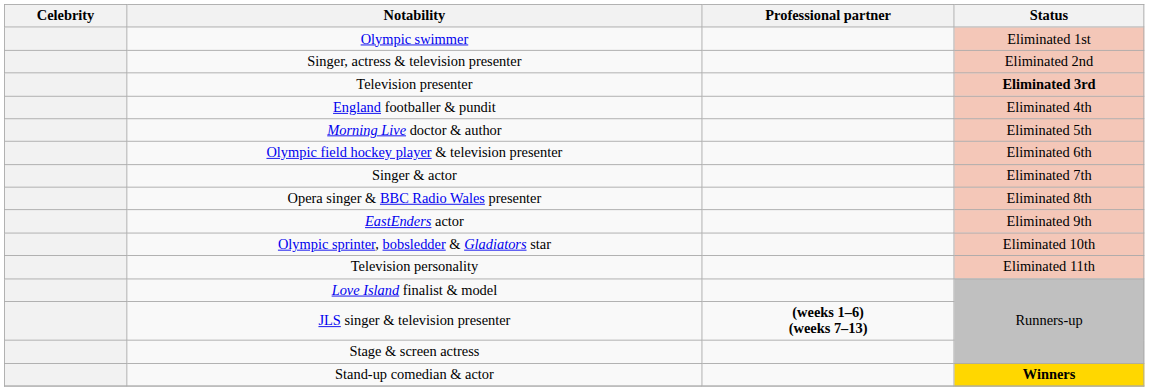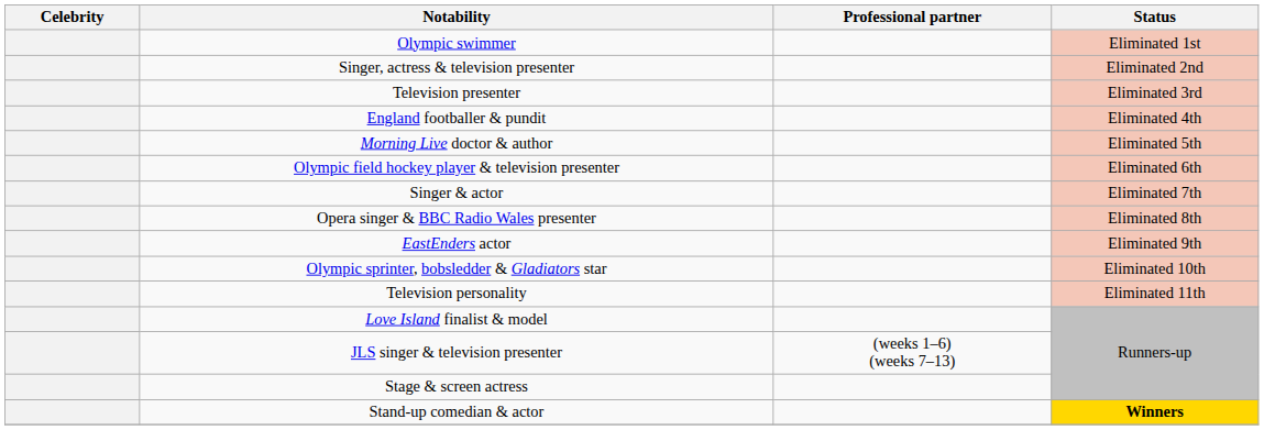 <table class="wikitable sortable" style="text-align:center; width:80%">
 <tr>
 <th scope="col">Celebrity</th>
 <th scope="col" class="unsortable">Notability</th>
 <th scope="col">Professional partner</th>
 <th scope="col">Status</th>
 </tr>
 <tr>
 <th scope="row"></th>
 <td><a href='#'>Olympic swimmer</a></td>
 <td></td>
 <td bgcolor="f4c7b8">Eliminated 1st</td>
 </tr>
 <tr>
 <th scope="row"></th>
 <td>Singer, actress & television presenter</td>
 <td></td>
 <td bgcolor="f4c7b8">Eliminated 2nd</td>
 </tr>
 <tr>
 <th scope="row"></th>
 <td>Television presenter</td>
 <td></td>
-<td bgcolor="f4c7b8"><strong>Eliminated 3rd</strong></td>
+<td bgcolor="f4c7b8">Eliminated 3rd</td>
 </tr>
 <tr>
 <th scope="row"></th>
 <td><a href='#'>England</a> footballer & pundit</td>
 <td></td>
 <td bgcolor="f4c7b8">Eliminated 4th</td>
 </tr>
 <tr>
 <th scope="row"></th>
 <td><em><a href='#'>Morning Live</a></em> doctor & author</td>
 <td></td>
 <td bgcolor="f4c7b8">Eliminated 5th</td>
 </tr>
 <tr>
 <th scope="row"></th>
 <td><a href='#'>Olympic field hockey player</a> & television presenter</td>
 <td></td>
 <td bgcolor="f4c7b8">Eliminated 6th</td>
 </tr>
 <tr>
 <th scope="row"></th>
 <td>Singer & actor</td>
 <td></td>
 <td bgcolor="f4c7b8">Eliminated 7th</td>
 </tr>
 <tr>
 <th scope="row"></th>
 <td>Opera singer & <a href='#'>BBC Radio Wales</a> presenter</td>
 <td></td>
 <td bgcolor="f4c7b8">Eliminated 8th</td>
 </tr>
 <tr>
 <th scope="row"></th>
 <td><em><a href='#'>EastEnders</a></em> actor</td>
 <td></td>
 <td bgcolor="f4c7b8">Eliminated 9th</td>
 </tr>
 <tr>
 <th scope="row"></th>
 <td><a href='#'>Olympic sprinter</a>, <a href='#'>bobsledder</a> & <em><a href='#'>Gladiators</a></em> star</td>
 <td></td>
 <td bgcolor="f4c7b8">Eliminated 10th</td>
 </tr>
 <tr>
 <th scope="row"></th>
 <td>Television personality</td>
 <td></td>
 <td bgcolor="f4c7b8">Eliminated 11th</td>
 </tr>
 <tr>
 <th scope="row"></th>
 <td><em><a href='#'>Love Island</a></em> finalist & model</td>
 <td></td>
 <td rowspan="3" style="background:silver;">Runners-up</td>
 </tr>
 <tr>
 <th scope="row"></th>
 <td><a href='#'>JLS</a> singer & television presenter</td>
-<td><strong> (weeks 1–6)<br> (weeks 7–13)</strong></td>
+<td> (weeks 1–6)<br> (weeks 7–13)</td>
 </tr>
 <tr>
 <th scope="row"></th>
 <td>Stage & screen actress</td>
 <td></td>
 </tr>
 <tr>
 <th scope="row"></th>
 <td>Stand-up comedian & actor</td>
 <td></td>
 <td style="background:gold;"><strong>Winners</strong></td>
 </tr>
 <tr>
 </tr>
 </table>
